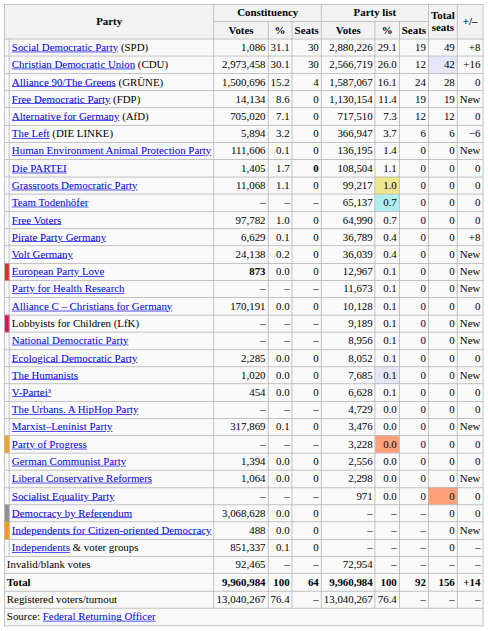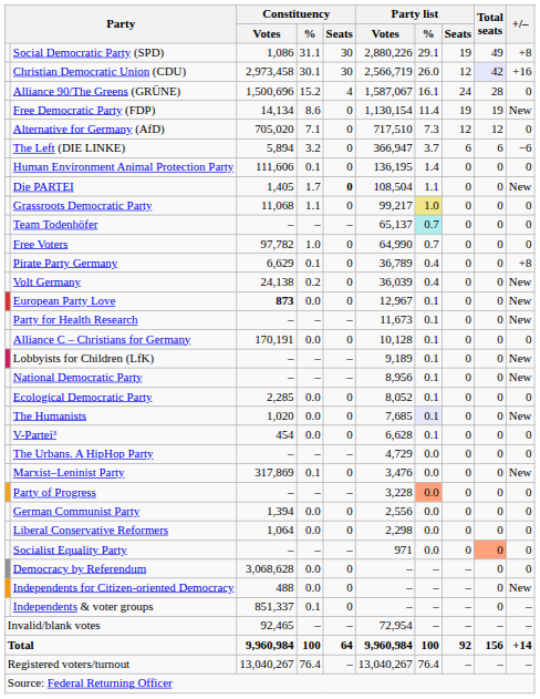 <table class="wikitable" style="text-align:right">
 <tr>
 <th colspan="2" rowspan="2">Party</th>
 <th colspan="3">Constituency</th>
 <th colspan="3">Party list</th>
 <th rowspan="2">Total<br>seats</th>
 <th rowspan="2">+/–</th>
 </tr>
 <tr>
 <th>Votes</th>
 <th>%</th>
 <th>Seats</th>
 <th>Votes</th>
 <th>%</th>
 <th>Seats</th>
 </tr>
 <tr>
 <td></td>
 <td align="left"><a href='#'>Social Democratic Party</a> (SPD)</td>
 <td>1,086</td>
 <td>31.1</td>
 <td>30</td>
 <td>2,880,226</td>
 <td>29.1</td>
 <td>19</td>
 <td>49</td>
 <td>+8</td>
 </tr>
 <tr>
 <td></td>
 <td align="left"><a href='#'>Christian Democratic Union</a> (CDU)</td>
 <td>2,973,458</td>
 <td>30.1</td>
 <td>30</td>
 <td>2,566,719</td>
 <td>26.0</td>
 <td>12</td>
 <td style="background: lavender;">42</td>
 <td>+16</td>
 </tr>
 <tr>
 <td></td>
 <td align="left"><a href='#'>Alliance 90/The Greens</a> (GRÜNE)</td>
 <td>1,500,696</td>
 <td>15.2</td>
 <td>4</td>
 <td>1,587,067</td>
 <td>16.1</td>
 <td>24</td>
 <td>28</td>
 <td>0</td>
 </tr>
 <tr>
 <td></td>
 <td align="left"><a href='#'>Free Democratic Party</a> (FDP)</td>
 <td>14,134</td>
 <td>8.6</td>
 <td>0</td>
 <td>1,130,154</td>
 <td>11.4</td>
 <td>19</td>
 <td>19</td>
 <td>New</td>
 </tr>
 <tr>
 <td></td>
 <td align="left"><a href='#'>Alternative for Germany</a> (AfD)</td>
 <td>705,020</td>
 <td>7.1</td>
 <td>0</td>
 <td>717,510</td>
 <td>7.3</td>
 <td>12</td>
 <td>12</td>
 <td>0</td>
 </tr>
 <tr>
 <td></td>
 <td align="left"><a href='#'>The Left</a> (DIE LINKE)</td>
 <td>5,894</td>
 <td>3.2</td>
 <td>0</td>
 <td>366,947</td>
 <td>3.7</td>
 <td>6</td>
 <td>6</td>
 <td>−6</td>
 </tr>
 <tr>
 <td style="background-color:"></td>
 <td align="left"><a href='#'>Human Environment Animal Protection Party</a></td>
 <td>111,606</td>
 <td>0.1</td>
 <td>0</td>
 <td>136,195</td>
 <td>1.4</td>
 <td>0</td>
 <td>0</td>
-<td>New</td>
+<td>0</td>
 </tr>
 <tr>
 <td style="background-color:"></td>
 <td align="left"><a href='#'>Die PARTEI</a></td>
 <td>1,405</td>
 <td>1.7</td>
 <td><strong>0</strong></td>
 <td>108,504</td>
 <td>1.1</td>
 <td>0</td>
 <td>0</td>
-<td>0</td>
+<td>New</td>
 </tr>
 <tr>
 <td style="background-color:"></td>
 <td align="left"><a href='#'>Grassroots Democratic Party</a></td>
 <td>11,068</td>
 <td>1.1</td>
 <td>0</td>
 <td>99,217</td>
 <td style="background: khaki;">1.0</td>
 <td>0</td>
 <td>0</td>
 <td>0</td>
 </tr>
 <tr>
 <td style="background-color:"></td>
 <td align="left"><a href='#'>Team Todenhöfer</a></td>
 <td>–</td>
 <td>–</td>
 <td>–</td>
 <td>65,137</td>
 <td style="background: paleturquoise;">0.7</td>
 <td>0</td>
 <td>0</td>
 <td>0</td>
 </tr>
 <tr>
 <td style="background-color:"></td>
 <td align="left"><a href='#'>Free Voters</a></td>
 <td>97,782</td>
 <td>1.0</td>
 <td>0</td>
 <td>64,990</td>
 <td>0.7</td>
 <td>0</td>
 <td>0</td>
 <td>0</td>
 </tr>
 <tr>
 <td style="background-color:"></td>
 <td align="left"><a href='#'>Pirate Party Germany</a></td>
 <td>6,629</td>
 <td>0.1</td>
 <td>0</td>
 <td>36,789</td>
 <td>0.4</td>
 <td>0</td>
 <td>0</td>
 <td>+8</td>
 </tr>
 <tr>
 <td style="background-color:"></td>
 <td align="left"><a href='#'>Volt Germany</a></td>
 <td>24,138</td>
 <td>0.2</td>
 <td>0</td>
 <td>36,039</td>
 <td>0.4</td>
 <td>0</td>
 <td>0</td>
 <td>New</td>
 </tr>
 <tr>
 <td style="background-color:#DC2F28"></td>
 <td align="left"><a href='#'>European Party Love</a></td>
 <td><strong>873</strong></td>
 <td>0.0</td>
 <td>0</td>
 <td>12,967</td>
 <td>0.1</td>
 <td>0</td>
 <td>0</td>
 <td>New</td>
 </tr>
 <tr>
 <td style="background-color:"></td>
 <td align="left"><a href='#'>Party for Health Research</a></td>
 <td>–</td>
 <td>–</td>
 <td>–</td>
 <td>11,673</td>
 <td>0.1</td>
 <td>0</td>
 <td>0</td>
 <td>New</td>
 </tr>
 <tr>
 <td style="background-color:"></td>
 <td align="left"><a href='#'>Alliance C – Christians for Germany</a></td>
 <td>170,191</td>
 <td>0.0</td>
 <td>0</td>
 <td>10,128</td>
 <td>0.1</td>
 <td>0</td>
 <td>0</td>
 <td>0</td>
 </tr>
 <tr>
 <td style="background-color:#D1165D"></td>
 <td align="left">Lobbyists for Children (LfK)</td>
 <td>–</td>
 <td>–</td>
 <td>–</td>
 <td>9,189</td>
 <td>0.1</td>
 <td>0</td>
 <td>0</td>
 <td>New</td>
 </tr>
 <tr>
 <td style="background-color:"></td>
 <td align="left"><a href='#'>National Democratic Party</a></td>
 <td>–</td>
 <td>–</td>
 <td>–</td>
 <td>8,956</td>
 <td>0.1</td>
 <td>0</td>
 <td>0</td>
 <td>New</td>
 </tr>
 <tr>
 <td style="background-color:"></td>
 <td align="left"><a href='#'>Ecological Democratic Party</a></td>
 <td>2,285</td>
 <td>0.0</td>
 <td>0</td>
 <td>8,052</td>
 <td>0.1</td>
 <td>0</td>
 <td>0</td>
 <td>0</td>
 </tr>
 <tr>
 <td style="background-color:"></td>
 <td align="left"><a href='#'>The Humanists</a></td>
 <td>1,020</td>
 <td>0.0</td>
 <td>0</td>
 <td>7,685</td>
 <td style="background: lavender;">0.1</td>
 <td>0</td>
 <td>0</td>
 <td>New</td>
 </tr>
 <tr>
 <td style="background-color:"></td>
 <td align="left"><a href='#'>V-Partei³</a></td>
 <td>454</td>
 <td>0.0</td>
 <td>0</td>
 <td>6,628</td>
 <td>0.1</td>
 <td>0</td>
 <td>0</td>
 <td>0</td>
 </tr>
 <tr>
 <td style="background-color:"></td>
 <td align="left"><a href='#'>The Urbans. A HipHop Party</a></td>
 <td>–</td>
 <td>–</td>
 <td>–</td>
 <td>4,729</td>
 <td>0.0</td>
 <td>0</td>
 <td>0</td>
 <td>0</td>
 </tr>
 <tr>
 <td style="background-color:"></td>
 <td align="left"><a href='#'>Marxist–Leninist Party</a></td>
 <td>317,869</td>
 <td>0.1</td>
 <td>0</td>
 <td>3,476</td>
 <td>0.0</td>
 <td>0</td>
 <td>0</td>
 <td>New</td>
 </tr>
 <tr>
 <td style="background-color:#F5A419"></td>
 <td align="left"><a href='#'>Party of Progress</a></td>
 <td>–</td>
 <td>–</td>
 <td>–</td>
 <td>3,228</td>
 <td style="background: lightsalmon;">0.0</td>
 <td>0</td>
 <td>0</td>
 <td>0</td>
 </tr>
 <tr>
 <td style="background-color:"></td>
 <td align="left"><a href='#'>German Communist Party</a></td>
 <td>1,394</td>
 <td>0.0</td>
 <td>0</td>
 <td>2,556</td>
 <td>0.0</td>
 <td>0</td>
 <td>0</td>
 <td>0</td>
 </tr>
 <tr>
 <td style="background-color:"></td>
 <td align="left"><a href='#'>Liberal Conservative Reformers</a></td>
 <td>1,064</td>
 <td>0.0</td>
 <td>0</td>
 <td>2,298</td>
 <td>0.0</td>
 <td>0</td>
 <td>0</td>
-<td>New</td>
+<td>0</td>
 </tr>
 <tr>
 <td style="background-color:"></td>
 <td align="left"><a href='#'>Socialist Equality Party</a></td>
 <td>–</td>
 <td>–</td>
 <td>–</td>
 <td>971</td>
 <td>0.0</td>
 <td>0</td>
 <td style="background: lightsalmon;">0</td>
 <td>0</td>
 </tr>
 <tr>
 <td style="background-color:#8D908D"></td>
 <td align="left"><a href='#'>Democracy by Referendum</a></td>
 <td>3,068,628</td>
 <td>0.0</td>
 <td>0</td>
 <td>–</td>
 <td>–</td>
 <td>–</td>
 <td>0</td>
 <td>0</td>
 </tr>
 <tr>
 <td style="background-color:#FF9900"></td>
 <td align="left"><a href='#'>Independents for Citizen-oriented Democracy</a></td>
 <td>488</td>
 <td>0.0</td>
 <td>0</td>
 <td>–</td>
 <td>–</td>
 <td>–</td>
 <td>0</td>
 <td>New</td>
 </tr>
 <tr>
 <td style="background-color:"></td>
 <td align="left"><a href='#'>Independents</a> & voter groups</td>
 <td>851,337</td>
 <td>0.1</td>
 <td>0</td>
 <td>–</td>
 <td>–</td>
 <td>–</td>
 <td>0</td>
 <td>–</td>
 </tr>
 <tr>
 <td colspan="2" align="left">Invalid/blank votes</td>
 <td>92,465</td>
 <td>–</td>
 <td>–</td>
 <td>72,954</td>
 <td>–</td>
 <td>–</td>
 <td>–</td>
 <td>–</td>
 </tr>
 <tr>
 <td colspan="2" align="left"><strong>Total</strong></td>
 <td><strong>9,960,984</strong></td>
 <td><strong>100</strong></td>
 <td><strong>64</strong></td>
 <td><strong>9,960,984</strong></td>
 <td><strong>100</strong></td>
 <td><strong>92</strong></td>
 <td><strong>156</strong></td>
 <td><strong>+14</strong></td>
 </tr>
 <tr>
 <td colspan="2" align="left">Registered voters/turnout</td>
 <td>13,040,267</td>
 <td>76.4</td>
 <td>–</td>
 <td>13,040,267</td>
 <td>76.4</td>
 <td>–</td>
 <td>–</td>
 <td>–</td>
 </tr>
 <tr>
 <td colspan="10" align="left">Source: <a href='#'>Federal Returning Officer</a></td>
 </tr>
 </table>
